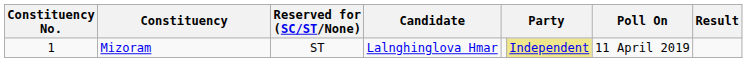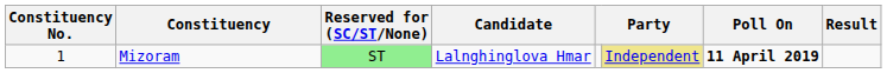 <table class="wikitable sortable">
 <tr>
 <th>Constituency <br> No.</th>
 <th style="width:180px;">Constituency</th>
 <th>Reserved for<br>(<a href='#'>SC/ST</a>/None)</th>
 <th>Candidate </th>
 <th colspan="2">Party</th>
 <th>Poll On</th>
 <th>Result</th>
 </tr>
 <tr>
 <td style="text-align:center;">1</td>
 <td><a href='#'>Mizoram</a></td>
-<td style="text-align:center;">ST</td>
+<td style="background: lightgreen; text-align:center;">ST</td>
 <td><a href='#'>Lalnghinglova Hmar</a></td>
 <td></td>
 <td style="background: khaki;"><a href='#'>Independent</a></td>
-<td style="text-align:center;">11 April 2019</td>
+<td style="text-align:center;"><strong>11 April 2019</strong></td>
 <td></td>
 </tr>
 </table>
